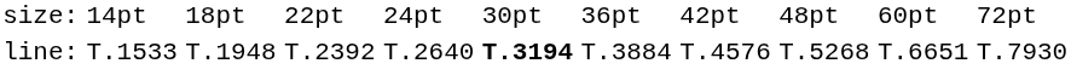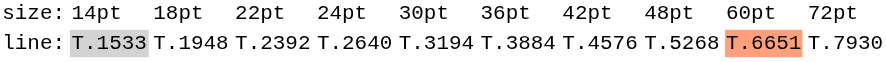 <table style="margin-left:40px;">
 <tr>
 <td>size:</td>
 <td>14pt</td>
 <td>18pt</td>
 <td>22pt</td>
 <td>24pt</td>
 <td>30pt</td>
 <td>36pt</td>
 <td>42pt</td>
 <td>48pt</td>
 <td>60pt</td>
 <td>72pt</td>
 </tr>
 <tr>
 <td>line:</td>
-<td>T.1533</td>
+<td style="background: lightgrey;">T.1533</td>
 <td>T.1948</td>
 <td>T.2392</td>
 <td>T.2640</td>
-<td><strong>T.3194</strong></td>
+<td>T.3194</td>
 <td>T.3884</td>
 <td>T.4576</td>
 <td>T.5268</td>
-<td>T.6651</td>
+<td style="background: lightsalmon;">T.6651</td>
 <td>T.7930</td>
 </tr>
 </table>
